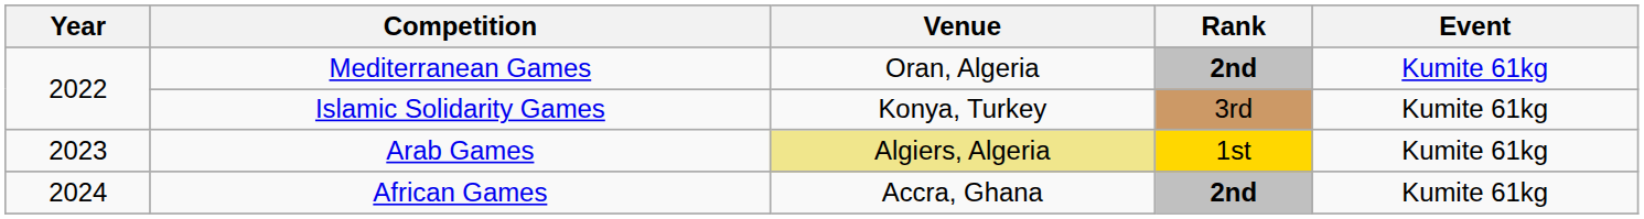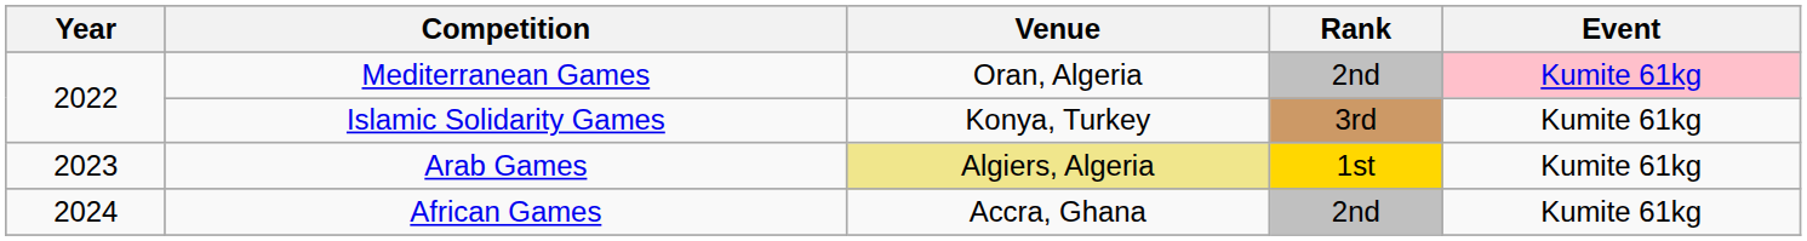 <table class="wikitable sortable" width=45% style="font-size:90%; text-align:center;">
 <tr>
 <th>Year</th>
 <th>Competition</th>
 <th>Venue</th>
 <th>Rank</th>
 <th>Event</th>
 </tr>
 <tr>
 <td rowspan=2>2022</td>
 <td><a href='#'>Mediterranean Games</a></td>
 <td>Oran, Algeria</td>
-<td bgcolor="silver"><strong>2nd</strong></td>
-<td><a href='#'>Kumite 61kg</a></td>
+<td bgcolor="silver">2nd</td>
+<td style="background: pink;"><a href='#'>Kumite 61kg</a></td>
 </tr>
 <tr>
 <td><a href='#'>Islamic Solidarity Games</a></td>
 <td>Konya, Turkey</td>
 <td bgcolor="cc9966">3rd</td>
 <td>Kumite 61kg</td>
 </tr>
 <tr>
 <td>2023</td>
 <td><a href='#'>Arab Games</a></td>
 <td style="background: khaki;">Algiers, Algeria</td>
 <td bgcolor="gold">1st</td>
 <td>Kumite 61kg</td>
 </tr>
 <tr>
 <td>2024</td>
 <td><a href='#'>African Games</a></td>
 <td>Accra, Ghana</td>
-<td bgcolor="silver"><strong>2nd</strong></td>
+<td bgcolor="silver">2nd</td>
 <td>Kumite 61kg</td>
 </tr>
 </table>
